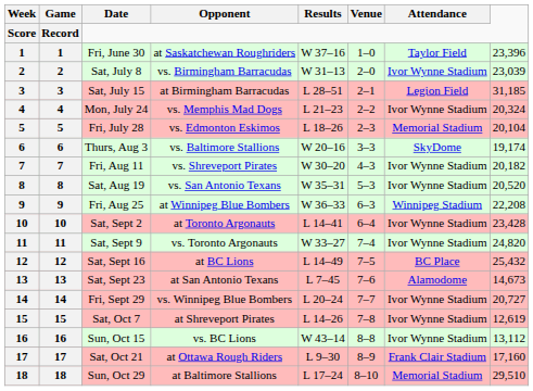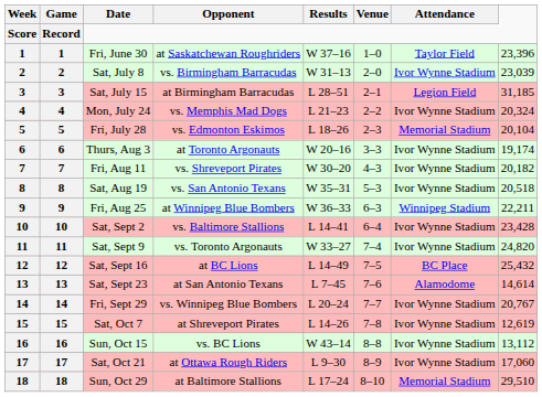 <table class="wikitable" style="text-align:center">
 <tr>
 <th>Week</th>
 <th>Game</th>
 <th>Date</th>
 <th>Opponent</th>
 <th>Results</th>
 <th>Venue</th>
 <th>Attendance</th>
 </tr>
 <tr>
 <th>Score</th>
 <th>Record</th>
 </tr>
 <tr style="background:#ddffdd">
 <th>1</th>
 <th>1</th>
 <td>Fri, June 30</td>
 <td>at <a href='#'>Saskatchewan Roughriders</a></td>
 <td>W 37–16</td>
 <td>1–0</td>
 <td><a href='#'>Taylor Field</a></td>
 <td>23,396</td>
 </tr>
 <tr style="background:#ddffdd">
 <th>2</th>
 <th>2</th>
 <td>Sat, July 8</td>
 <td>vs. <a href='#'>Birmingham Barracudas</a></td>
 <td>W 31–13</td>
 <td>2–0</td>
 <td><a href='#'>Ivor Wynne Stadium</a></td>
 <td>23,039</td>
 </tr>
 <tr style="background:#ffbbbb">
 <th>3</th>
 <th>3</th>
 <td>Sat, July 15</td>
 <td>at Birmingham Barracudas</td>
 <td>L 28–51</td>
 <td>2–1</td>
 <td><a href='#'>Legion Field</a></td>
 <td>31,185</td>
 </tr>
 <tr style="background:#ffbbbb">
 <th>4</th>
 <th>4</th>
 <td>Mon, July 24</td>
 <td>vs. <a href='#'>Memphis Mad Dogs</a></td>
 <td>L 21–23</td>
 <td>2–2</td>
 <td>Ivor Wynne Stadium</td>
 <td>20,324</td>
 </tr>
 <tr style="background:#ffbbbb">
 <th>5</th>
 <th>5</th>
 <td>Fri, July 28</td>
 <td>vs. <a href='#'>Edmonton Eskimos</a></td>
 <td>L 18–26</td>
 <td>2–3</td>
 <td><a href='#'>Memorial Stadium</a></td>
 <td>20,104</td>
 </tr>
 <tr style="background:#ddffdd">
 <th>6</th>
 <th>6</th>
 <td>Thurs, Aug 3</td>
-<td>vs. <a href='#'>Baltimore Stallions</a></td>
+<td>at <a href='#'>Toronto Argonauts</a></td>
 <td>W 20–16</td>
 <td>3–3</td>
-<td><a href='#'>SkyDome</a></td>
+<td>Ivor Wynne Stadium</td>
 <td>19,174</td>
 </tr>
 <tr style="background:#ddffdd">
 <th>7</th>
 <th>7</th>
 <td>Fri, Aug 11</td>
 <td>vs. <a href='#'>Shreveport Pirates</a></td>
 <td>W 30–20</td>
 <td>4–3</td>
 <td>Ivor Wynne Stadium</td>
 <td>20,182</td>
 </tr>
 <tr style="background:#ddffdd">
 <th>8</th>
 <th>8</th>
 <td>Sat, Aug 19</td>
 <td>vs. <a href='#'>San Antonio Texans</a></td>
 <td>W 35–31</td>
 <td>5–3</td>
 <td>Ivor Wynne Stadium</td>
-<td>20,520</td>
+<td>20,518</td>
 </tr>
 <tr style="background:#ddffdd">
 <th>9</th>
 <th>9</th>
 <td>Fri, Aug 25</td>
 <td>at <a href='#'>Winnipeg Blue Bombers</a></td>
 <td>W 36–33</td>
 <td>6–3</td>
 <td><a href='#'>Winnipeg Stadium</a></td>
-<td>22,208</td>
+<td>22,211</td>
 </tr>
 <tr style="background:#ffbbbb">
 <th>10</th>
 <th>10</th>
 <td>Sat, Sept 2</td>
-<td>at <a href='#'>Toronto Argonauts</a></td>
+<td>vs. <a href='#'>Baltimore Stallions</a></td>
 <td>L 14–41</td>
 <td>6–4</td>
 <td>Ivor Wynne Stadium</td>
 <td>23,428</td>
 </tr>
 <tr style="background:#ddffdd">
 <th>11</th>
 <th>11</th>
 <td>Sat, Sept 9</td>
 <td>vs. Toronto Argonauts</td>
 <td>W 33–27</td>
 <td>7–4</td>
 <td>Ivor Wynne Stadium</td>
 <td>24,820</td>
 </tr>
 <tr style="background:#ffbbbb">
 <th>12</th>
 <th>12</th>
 <td>Sat, Sept 16</td>
 <td>at <a href='#'>BC Lions</a></td>
 <td>L 14–49</td>
 <td>7–5</td>
 <td><a href='#'>BC Place</a></td>
 <td>25,432</td>
 </tr>
 <tr style="background:#ffbbbb">
 <th>13</th>
 <th>13</th>
 <td>Sat, Sept 23</td>
 <td>at San Antonio Texans</td>
 <td>L 7–45</td>
 <td>7–6</td>
 <td><a href='#'>Alamodome</a></td>
-<td>14,673</td>
+<td>14,614</td>
 </tr>
 <tr style="background:#ffbbbb">
 <th>14</th>
 <th>14</th>
 <td>Fri, Sept 29</td>
 <td>vs. Winnipeg Blue Bombers</td>
 <td>L 20–24</td>
 <td>7–7</td>
 <td>Ivor Wynne Stadium</td>
-<td>20,727</td>
+<td>20,767</td>
 </tr>
 <tr style="background:#ffbbbb">
 <th>15</th>
 <th>15</th>
 <td>Sat, Oct 7</td>
 <td>at Shreveport Pirates</td>
 <td>L 14–26</td>
 <td>7–8</td>
 <td>Ivor Wynne Stadium</td>
 <td>12,619</td>
 </tr>
 <tr style="background:#ddffdd">
 <th>16</th>
 <th>16</th>
 <td>Sun, Oct 15</td>
 <td>vs. BC Lions</td>
 <td>W 43–14</td>
 <td>8–8</td>
 <td>Ivor Wynne Stadium</td>
 <td>13,112</td>
 </tr>
 <tr style="background:#ffbbbb">
 <th>17</th>
 <th>17</th>
 <td>Sat, Oct 21</td>
 <td>at <a href='#'>Ottawa Rough Riders</a></td>
 <td>L 9–30</td>
 <td>8–9</td>
-<td><a href='#'>Frank Clair Stadium</a></td>
-<td>17,160</td>
+<td>Ivor Wynne Stadium</td>
+<td>17,060</td>
 </tr>
 <tr style="background:#ffbbbb">
 <th>18</th>
 <th>18</th>
 <td>Sun, Oct 29</td>
 <td>at Baltimore Stallions</td>
 <td>L 17–24</td>
 <td>8–10</td>
 <td><a href='#'>Memorial Stadium</a></td>
 <td>29,510</td>
 </tr>
 </table>
